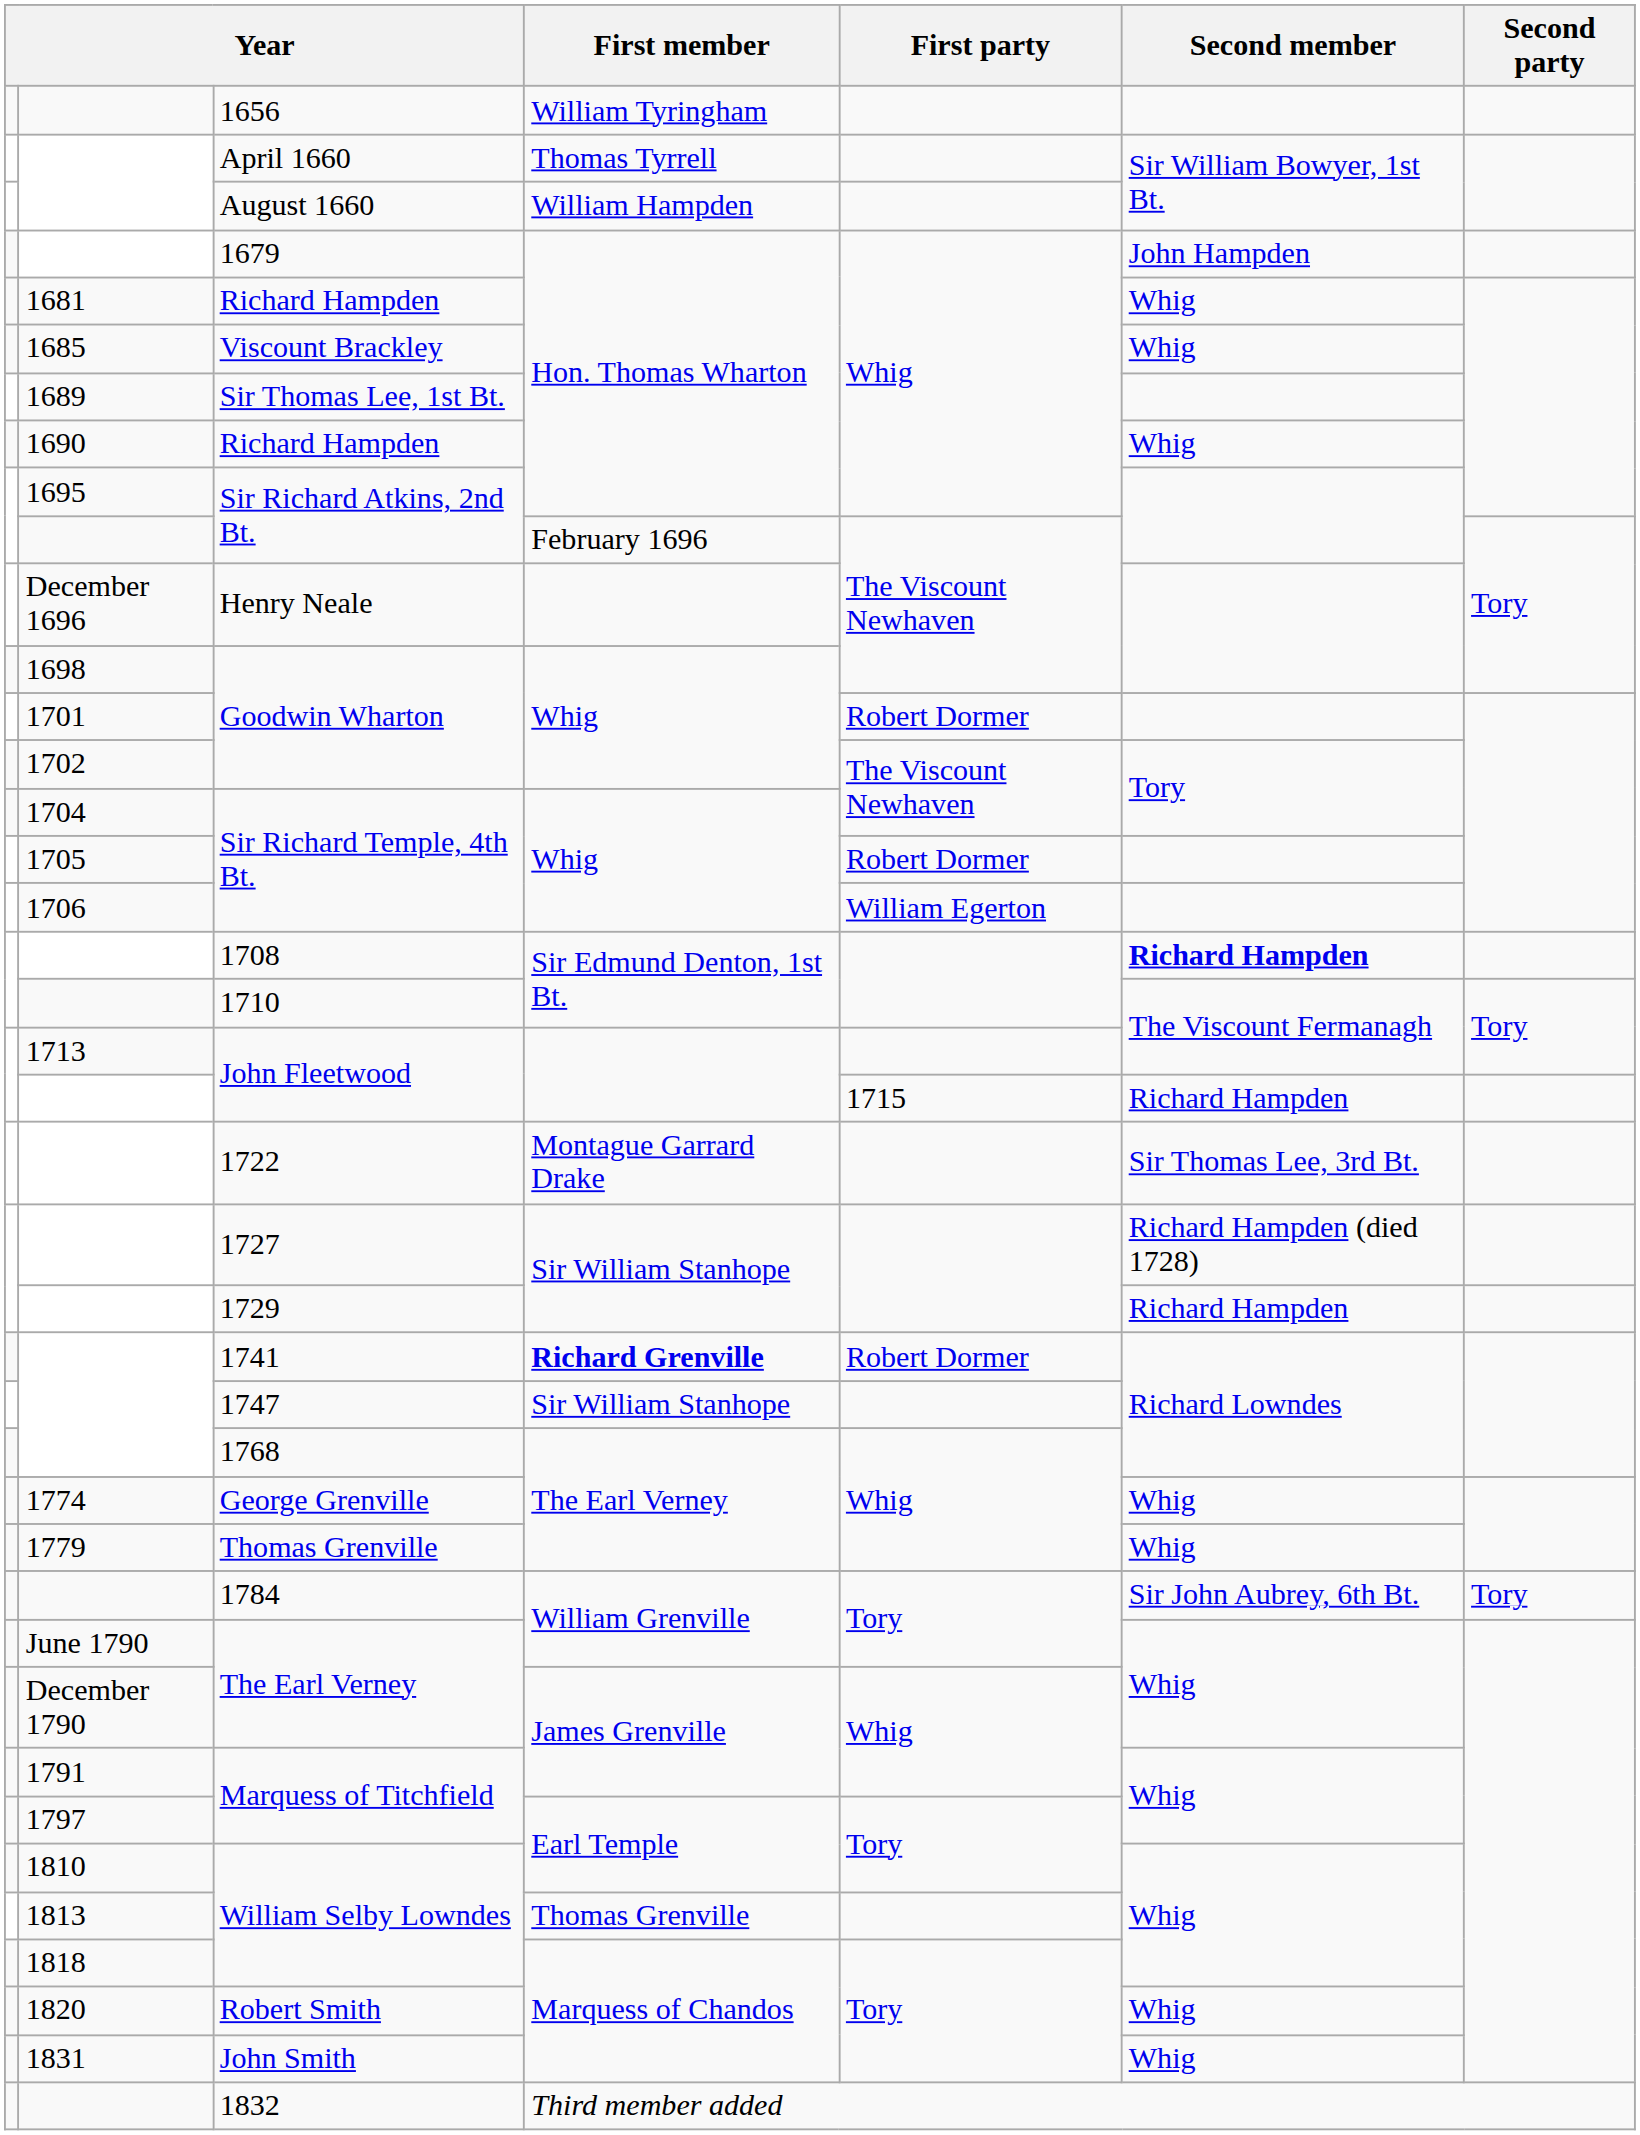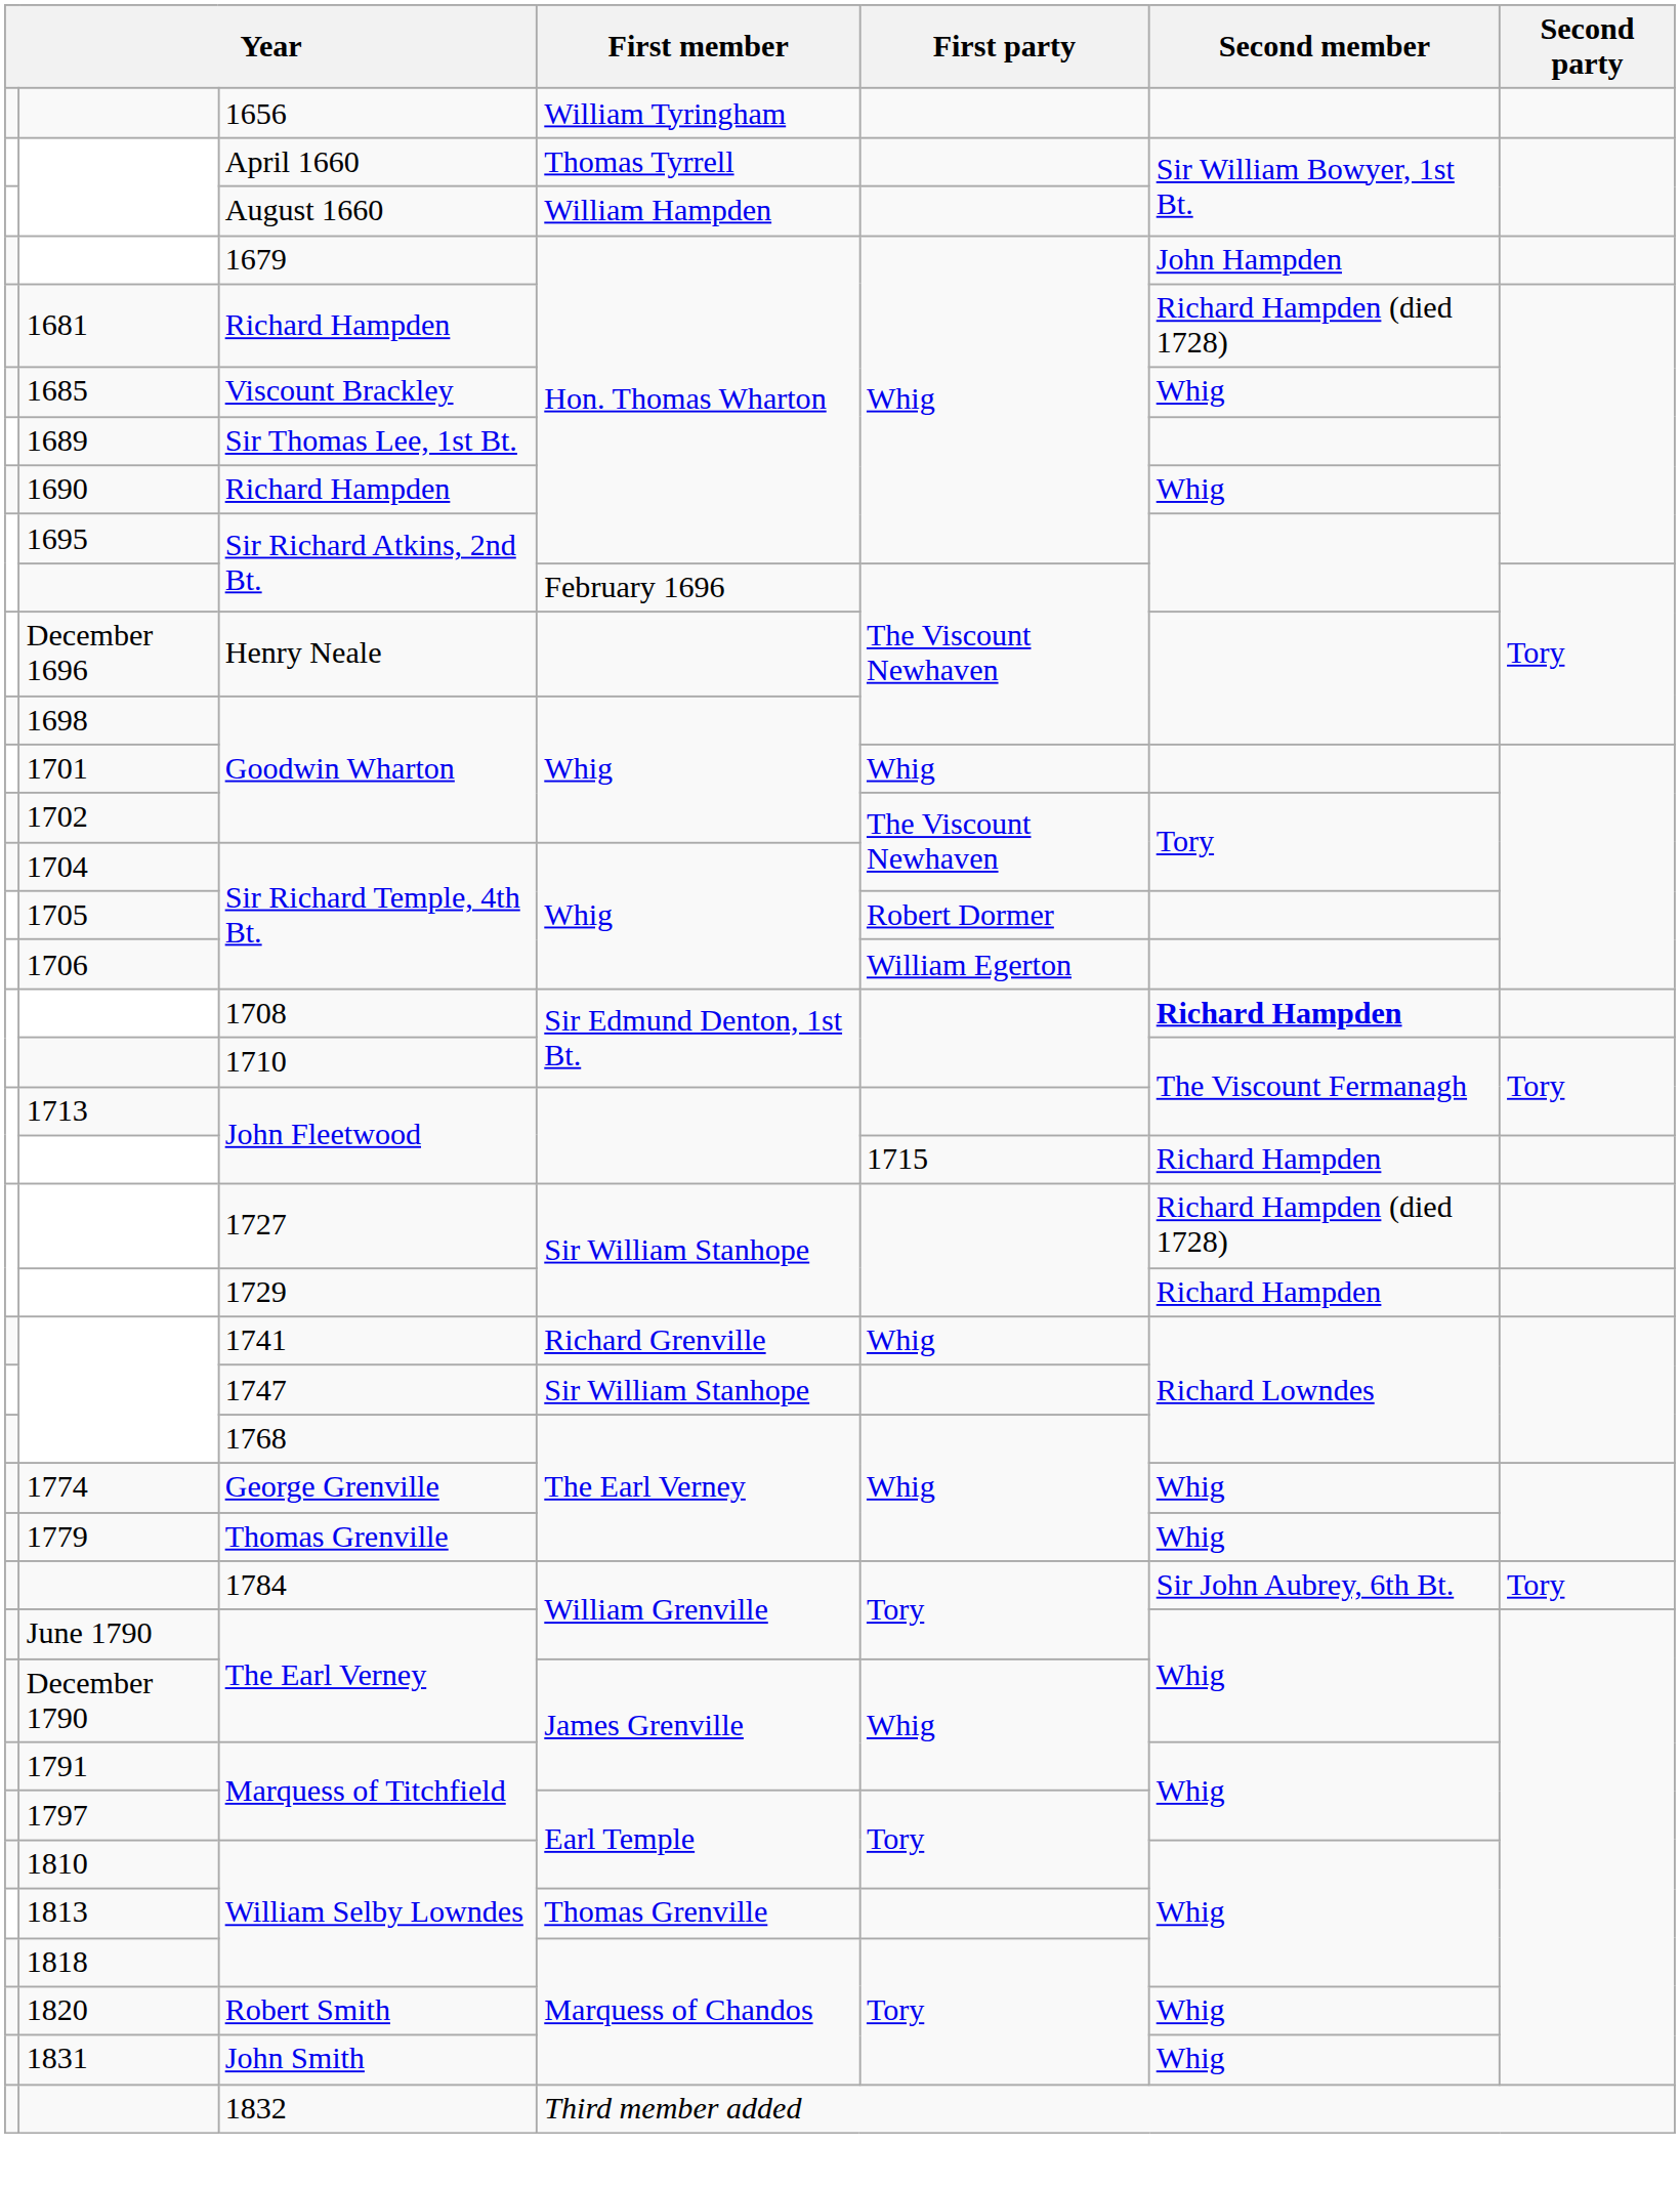 <table class="wikitable">
 <tr>
 <th colspan="3">Year</th>
 <th>First member</th>
 <th>First party</th>
 <th>Second member</th>
 <th>Second party</th>
 </tr>
 <tr>
 <td></td>
 <td></td>
 <td>1656</td>
 <td><a href='#'>William Tyringham</a></td>
 <td></td>
 <td></td>
 <td></td>
 </tr>
 <tr>
 <td style="color:inherit;background-color: white"></td>
 <td style="color:inherit;background-color: white" rowspan="2"></td>
 <td>April 1660</td>
 <td><a href='#'>Thomas Tyrrell</a></td>
 <td></td>
 <td rowspan="2"><a href='#'>Sir William Bowyer, 1st Bt.</a></td>
 <td rowspan="2"></td>
 </tr>
 <tr>
 <td style="color:inherit;background-color: white"></td>
 <td>August 1660</td>
 <td><a href='#'>William Hampden</a></td>
 <td></td>
 </tr>
 <tr>
 <td style="color:inherit;background-color: "></td>
 <td style="color:inherit;background-color: white"></td>
 <td>1679</td>
 <td rowspan="6"><a href='#'>Hon. Thomas Wharton</a></td>
 <td rowspan="6"><a href='#'>Whig</a></td>
 <td><a href='#'>John Hampden</a></td>
 <td></td>
 </tr>
 <tr>
 <td style="color:inherit;background-color: "></td>
 <td>1681</td>
 <td><a href='#'>Richard Hampden</a></td>
-<td><a href='#'>Whig</a></td>
+<td><a href='#'>Richard Hampden</a> (died 1728)</td>
 </tr>
 <tr>
 <td style="color:inherit;background-color: "></td>
 <td>1685</td>
 <td><a href='#'>Viscount Brackley</a></td>
 <td><a href='#'>Whig</a></td>
 </tr>
 <tr>
 <td style="color:inherit;background-color: white"></td>
 <td>1689</td>
 <td><a href='#'>Sir Thomas Lee, 1st Bt.</a></td>
 <td></td>
 </tr>
 <tr>
 <td style="color:inherit;background-color: "></td>
 <td>1690</td>
 <td><a href='#'>Richard Hampden</a></td>
 <td><a href='#'>Whig</a></td>
 </tr>
 <tr>
 <td style="color:inherit;background-color: white" rowspan="2"></td>
 <td>1695</td>
 <td rowspan="2"><a href='#'>Sir Richard Atkins, 2nd Bt.</a></td>
 <td rowspan="2"></td>
 </tr>
 <tr>
 <td style="color:inherit;background-color: "></td>
 <td>February 1696</td>
 <td rowspan="3"><a href='#'>The Viscount Newhaven</a></td>
 <td rowspan="3"><a href='#'>Tory</a></td>
 </tr>
 <tr>
 <td style="color:inherit;background-color: white"></td>
 <td>December 1696</td>
 <td>Henry Neale</td>
 <td></td>
 </tr>
 <tr>
 <td style="color:inherit;background-color: "></td>
 <td>1698</td>
 <td rowspan="3"><a href='#'>Goodwin Wharton</a></td>
 <td rowspan="3"><a href='#'>Whig</a></td>
 </tr>
 <tr>
 <td style="color:inherit;background-color: white"></td>
 <td>1701</td>
-<td><a href='#'>Robert Dormer</a></td>
+<td><a href='#'>Whig</a></td>
 <td></td>
 </tr>
 <tr>
 <td style="color:inherit;background-color: "></td>
 <td>1702</td>
 <td rowspan="2"><a href='#'>The Viscount Newhaven</a></td>
 <td rowspan="2"><a href='#'>Tory</a></td>
 </tr>
 <tr>
 <td style="color:inherit;background-color: "></td>
 <td>1704</td>
 <td rowspan="3"><a href='#'>Sir Richard Temple, 4th Bt.</a></td>
 <td rowspan="3"><a href='#'>Whig</a></td>
 </tr>
 <tr>
 <td style="color:inherit;background-color: white"></td>
 <td>1705</td>
 <td><a href='#'>Robert Dormer</a></td>
 <td></td>
 </tr>
 <tr>
 <td style="color:inherit;background-color: white"></td>
 <td>1706</td>
 <td><a href='#'>William Egerton</a></td>
 <td></td>
 </tr>
 <tr>
 <td style="color:inherit;background-color: white" rowspan="2"></td>
 <td style="color:inherit;background-color: white"></td>
 <td>1708</td>
 <td rowspan="2"><a href='#'>Sir Edmund Denton, 1st Bt.</a></td>
 <td rowspan="2"></td>
 <td><strong><a href='#'>Richard Hampden</a></strong></td>
 <td></td>
 </tr>
 <tr>
 <td style="color:inherit;background-color: "></td>
 <td>1710</td>
 <td rowspan="2"><a href='#'>The Viscount Fermanagh</a></td>
 <td rowspan="2"><a href='#'>Tory</a></td>
 </tr>
 <tr>
 <td style="color:inherit;background-color: white" rowspan="2"></td>
 <td>1713</td>
 <td rowspan="2"><a href='#'>John Fleetwood</a></td>
 <td rowspan="2"></td>
 </tr>
 <tr>
 <td style="color:inherit;background-color: white"></td>
 <td>1715</td>
 <td><a href='#'>Richard Hampden</a></td>
 <td></td>
 </tr>
 <tr>
-<td style="color:inherit;background-color: white"></td>
-<td style="color:inherit;background-color: white"></td>
-<td>1722</td>
-<td><a href='#'>Montague Garrard Drake</a></td>
-<td></td>
-<td><a href='#'>Sir Thomas Lee, 3rd Bt.</a></td>
-<td></td>
-</tr>
-<tr>
 <td style="color:inherit;background-color: white" rowspan="2"></td>
 <td style="color:inherit;background-color: white"></td>
 <td>1727</td>
 <td rowspan="2"><a href='#'>Sir William Stanhope</a></td>
 <td rowspan="2"></td>
 <td><a href='#'>Richard Hampden</a> (died 1728)</td>
 <td></td>
 </tr>
 <tr>
 <td style="color:inherit;background-color: white"></td>
 <td>1729</td>
 <td><a href='#'>Richard Hampden</a></td>
 <td></td>
 </tr>
 <tr>
 <td style="color:inherit;background-color: "></td>
 <td style="color:inherit;background-color: white" rowspan="3"></td>
 <td>1741</td>
-<td><strong><a href='#'>Richard Grenville</a></strong></td>
-<td><a href='#'>Robert Dormer</a></td>
+<td><a href='#'>Richard Grenville</a></td>
+<td><a href='#'>Whig</a></td>
 <td rowspan="3"><a href='#'>Richard Lowndes</a></td>
 <td rowspan="3"></td>
 </tr>
 <tr>
 <td style="color:inherit;background-color: white"></td>
 <td>1747</td>
 <td><a href='#'>Sir William Stanhope</a></td>
 <td></td>
 </tr>
 <tr>
 <td style="color:inherit;background-color: "></td>
 <td>1768</td>
 <td rowspan="3"><a href='#'>The Earl Verney</a></td>
 <td rowspan="3"><a href='#'>Whig</a></td>
 </tr>
 <tr>
 <td style="color:inherit;background-color: "></td>
 <td>1774</td>
 <td><a href='#'>George Grenville</a></td>
 <td><a href='#'>Whig</a></td>
 </tr>
 <tr>
 <td style="color:inherit;background-color: "></td>
 <td>1779</td>
 <td><a href='#'>Thomas Grenville</a></td>
 <td><a href='#'>Whig</a></td>
 </tr>
 <tr>
 <td style="color:inherit;background-color: "></td>
 <td style="color:inherit;background-color: "></td>
 <td>1784</td>
 <td rowspan="2"><a href='#'>William Grenville</a></td>
 <td rowspan="2"><a href='#'>Tory</a></td>
 <td><a href='#'>Sir John Aubrey, 6th Bt.</a></td>
 <td><a href='#'>Tory</a></td>
 </tr>
 <tr>
 <td style="color:inherit;background-color: "></td>
 <td>June 1790</td>
 <td rowspan="2"><a href='#'>The Earl Verney</a></td>
 <td rowspan="2"><a href='#'>Whig</a></td>
 </tr>
 <tr>
 <td style="color:inherit;background-color: "></td>
 <td>December 1790</td>
 <td rowspan="2"><a href='#'>James Grenville</a></td>
 <td rowspan="2"><a href='#'>Whig</a></td>
 </tr>
 <tr>
 <td style="color:inherit;background-color: "></td>
 <td>1791</td>
 <td rowspan="2"><a href='#'>Marquess of Titchfield</a></td>
 <td rowspan="2"><a href='#'>Whig</a></td>
 </tr>
 <tr>
 <td style="color:inherit;background-color: "></td>
 <td>1797</td>
 <td rowspan="2"><a href='#'>Earl Temple</a></td>
 <td rowspan="2"><a href='#'>Tory</a></td>
 </tr>
 <tr>
 <td style="color:inherit;background-color: "></td>
 <td>1810</td>
 <td rowspan="3"><a href='#'>William Selby Lowndes</a></td>
 <td rowspan="3"><a href='#'>Whig</a></td>
 </tr>
 <tr>
 <td style="color:inherit;background-color: white"></td>
 <td>1813</td>
 <td><a href='#'>Thomas Grenville</a></td>
 <td></td>
 </tr>
 <tr>
 <td style="color:inherit;background-color: "></td>
 <td>1818</td>
 <td rowspan="3"><a href='#'>Marquess of Chandos</a></td>
 <td rowspan="3"><a href='#'>Tory</a></td>
 </tr>
 <tr>
 <td style="color:inherit;background-color: "></td>
 <td>1820</td>
 <td><a href='#'>Robert Smith</a></td>
 <td><a href='#'>Whig</a></td>
 </tr>
 <tr>
 <td style="color:inherit;background-color: "></td>
 <td>1831</td>
 <td><a href='#'>John Smith</a></td>
 <td><a href='#'>Whig</a></td>
 </tr>
 <tr>
 <td></td>
 <td></td>
 <td>1832</td>
 <td colspan="4"><em>Third member added</em></td>
 </tr>
 </table>
